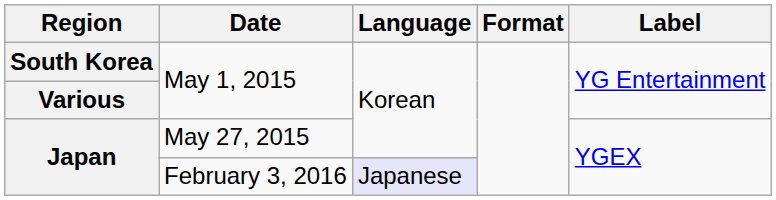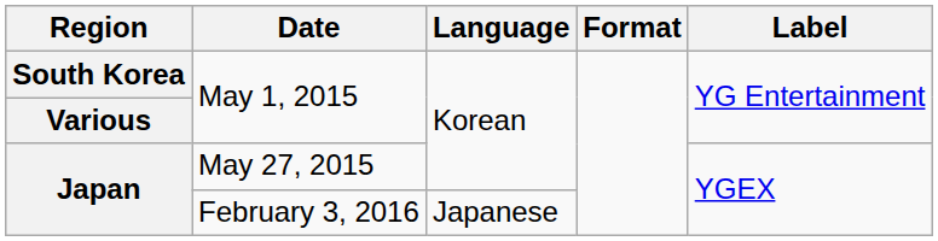 <table class="wikitable plainrowheaders" border="1">
 <tr>
 <th scope="col">Region</th>
 <th scope="col">Date</th>
 <th scope="col">Language</th>
 <th scope="col">Format</th>
 <th scope="col">Label</th>
 </tr>
 <tr>
 <th scope="row">South Korea</th>
 <td rowspan=2>May 1, 2015</td>
 <td rowspan=3>Korean</td>
 <td rowspan=4></td>
 <td style="text-align:center;" rowspan=2><a href='#'>YG Entertainment</a></td>
 </tr>
 <tr>
 <th scope="row">Various</th>
 </tr>
 <tr>
 <th scope="row" rowspan="2">Japan</th>
 <td>May 27, 2015</td>
 <td rowspan="2"><a href='#'>YGEX</a></td>
 </tr>
 <tr>
 <td>February 3, 2016</td>
-<td style="background: lavender;">Japanese</td>
+<td>Japanese</td>
 </tr>
 </table>
